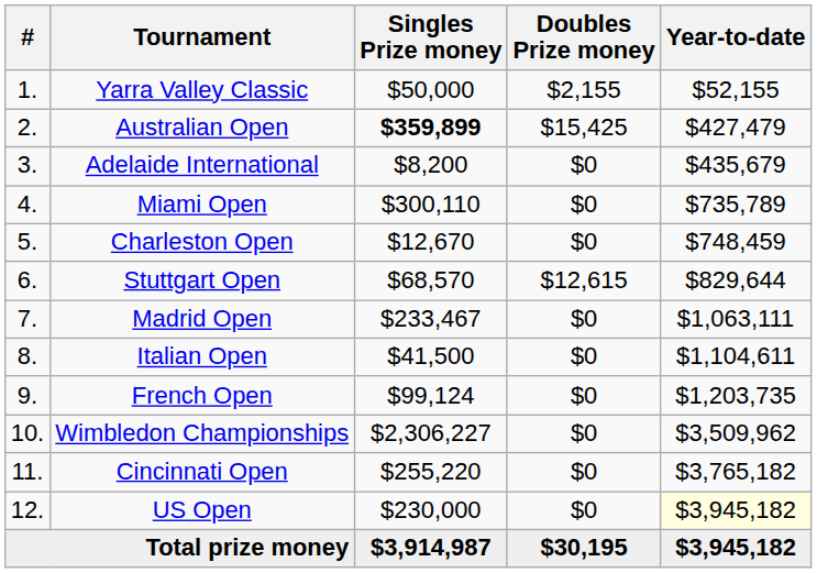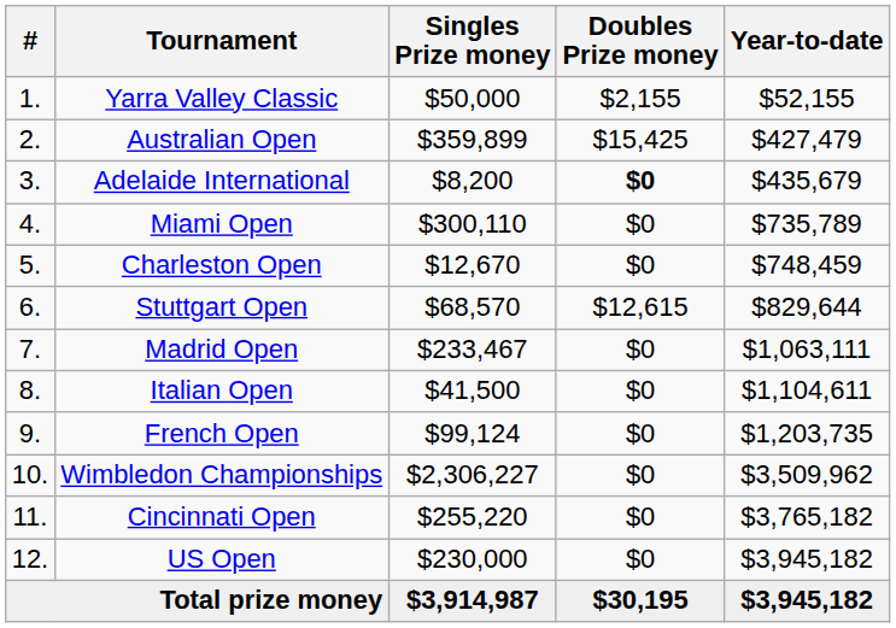 <table class="wikitable sortable" style="text-align:center">
 <tr>
 <th>#</th>
 <th>Tournament</th>
 <th>Singles<br>Prize money</th>
 <th>Doubles<br>Prize money</th>
 <th>Year-to-date</th>
 </tr>
 <tr>
 <td>1.</td>
 <td><a href='#'>Yarra Valley Classic</a></td>
 <td>$50,000</td>
 <td>$2,155</td>
 <td>$52,155</td>
 </tr>
 <tr>
 <td>2.</td>
 <td><a href='#'>Australian Open</a></td>
-<td><strong>$359,899</strong></td>
+<td>$359,899</td>
 <td>$15,425</td>
 <td>$427,479</td>
 </tr>
 <tr>
 <td>3.</td>
 <td><a href='#'>Adelaide International</a></td>
 <td>$8,200</td>
-<td>$0</td>
+<td><strong>$0</strong></td>
 <td>$435,679</td>
 </tr>
 <tr>
 <td>4.</td>
 <td><a href='#'>Miami Open</a></td>
 <td>$300,110</td>
 <td>$0</td>
 <td>$735,789</td>
 </tr>
 <tr>
 <td>5.</td>
 <td><a href='#'>Charleston Open</a></td>
 <td>$12,670</td>
 <td>$0</td>
 <td>$748,459</td>
 </tr>
 <tr>
 <td>6.</td>
 <td><a href='#'>Stuttgart Open</a></td>
 <td>$68,570</td>
 <td>$12,615</td>
 <td>$829,644</td>
 </tr>
 <tr>
 <td>7.</td>
 <td><a href='#'>Madrid Open</a></td>
 <td>$233,467</td>
 <td>$0</td>
 <td>$1,063,111</td>
 </tr>
 <tr>
 <td>8.</td>
 <td><a href='#'>Italian Open</a></td>
 <td>$41,500</td>
 <td>$0</td>
 <td>$1,104,611</td>
 </tr>
 <tr>
 <td>9.</td>
 <td><a href='#'>French Open</a></td>
 <td>$99,124</td>
 <td>$0</td>
 <td>$1,203,735</td>
 </tr>
 <tr>
 <td>10.</td>
 <td><a href='#'>Wimbledon Championships</a></td>
 <td>$2,306,227</td>
 <td>$0</td>
 <td>$3,509,962</td>
 </tr>
 <tr>
 <td>11.</td>
 <td><a href='#'>Cincinnati Open</a></td>
 <td>$255,220</td>
 <td>$0</td>
 <td>$3,765,182</td>
 </tr>
 <tr>
 <td>12.</td>
 <td><a href='#'>US Open</a></td>
 <td>$230,000</td>
 <td>$0</td>
-<td style="background: lightyellow;">$3,945,182</td>
+<td>$3,945,182</td>
 </tr>
 <tr style="background:#efefef">
 <td colspan="2" align="right"><strong>Total prize money</strong></td>
 <td><strong>$3,914,987</strong></td>
 <td><strong>$30,195</strong></td>
 <td><strong>$3,945,182</strong></td>
 </tr>
 </table>
